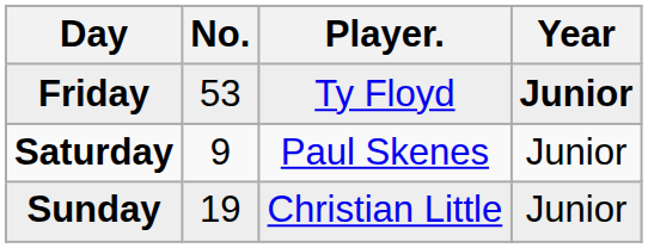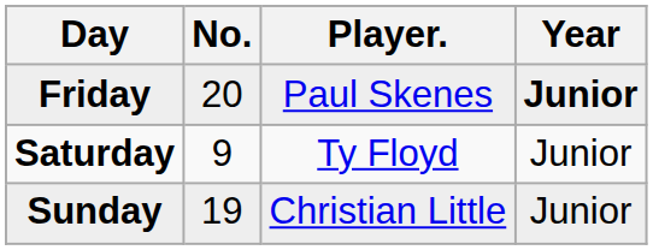 <table class="wikitable non-sortable">
 <tr>
 <th style="text-align:center; ">Day</th>
 <th style="text-align:center; ">No.</th>
 <th style="text-align:center; ">Player.</th>
 <th style="text-align:center; ">Year</th>
 </tr>
 <tr style="background:#eeeeee;text-align:center;">
 <td><strong>Friday</strong></td>
-<td>53</td>
-<td><a href='#'>Ty Floyd</a></td>
+<td>20</td>
+<td><a href='#'>Paul Skenes</a></td>
 <td><strong>Junior</strong></td>
 </tr>
 <tr style="text-align:center;">
 <td><strong>Saturday</strong></td>
 <td>9</td>
-<td><a href='#'>Paul Skenes</a></td>
+<td><a href='#'>Ty Floyd</a></td>
 <td>Junior</td>
 </tr>
 <tr style="background:#eeeeee;text-align:center;">
 <td><strong>Sunday</strong></td>
 <td>19</td>
 <td><a href='#'>Christian Little</a></td>
 <td>Junior</td>
 </tr>
 </table>
